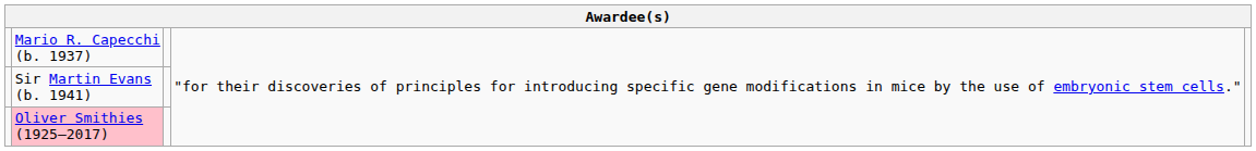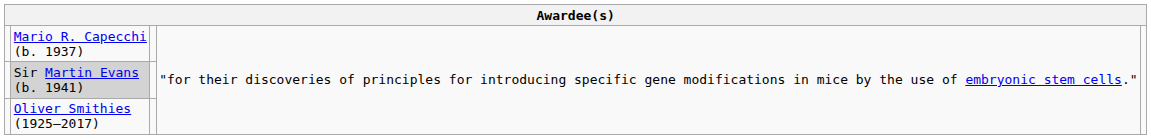 <table class="wikitable">
 <tr>
 <th colspan="5">Awardee(s)</th>
 </tr>
 <tr>
 <td></td>
 <td><a href='#'>Mario R. Capecchi</a><br>(b. 1937)</td>
 <td><br></td>
 <td rowspan="3">"for their discoveries of principles for introducing specific gene modifications in mice by the use of <a href='#'>embryonic stem cells</a>."</td>
 <td rowspan="3"></td>
 </tr>
 <tr>
 <td></td>
-<td>Sir <a href='#'>Martin Evans</a><br>(b. 1941)</td>
+<td style="background: lightgrey;">Sir <a href='#'>Martin Evans</a><br>(b. 1941)</td>
 <td></td>
 </tr>
 <tr>
 <td></td>
-<td style="background: pink;"><a href='#'>Oliver Smithies</a><br>(1925–2017)</td>
+<td><a href='#'>Oliver Smithies</a><br>(1925–2017)</td>
 <td><br></td>
 </tr>
 </table>
